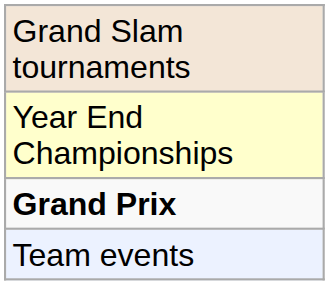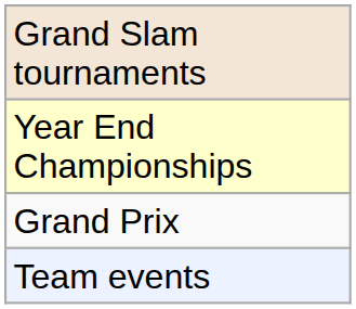 <table class=wikitable  style=font-size:95%;width:12%>
 <tr style="background:#f3e6d7;">
 <td>Grand Slam tournaments</td>
 </tr>
 <tr style="background:#ffc;">
 <td>Year End Championships</td>
 </tr>
 <tr>
-<td><strong>Grand Prix</strong></td>
+<td>Grand Prix</td>
 </tr>
 <tr style="background:#ecf2ff;">
 <td>Team events</td>
 </tr>
 </table>
